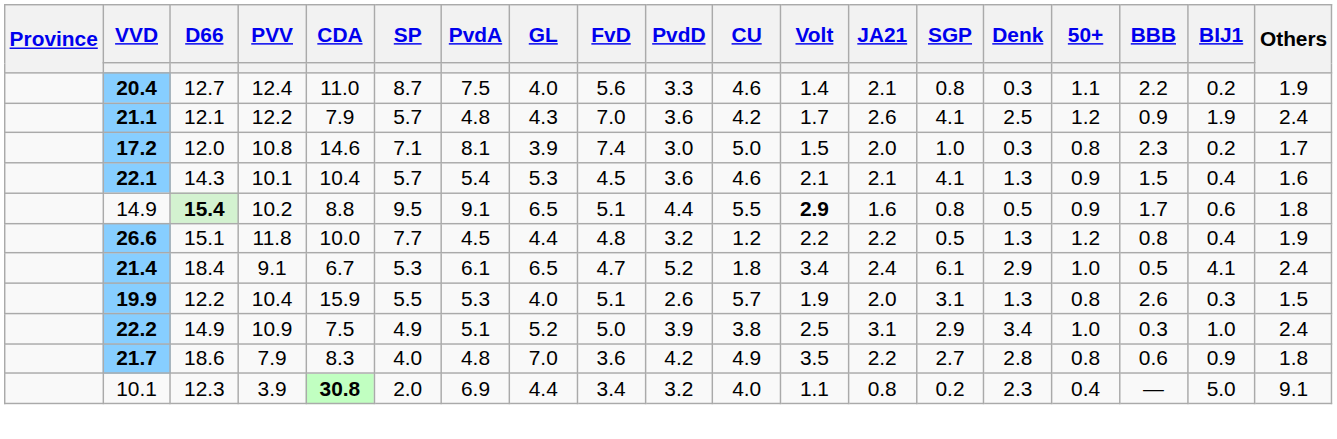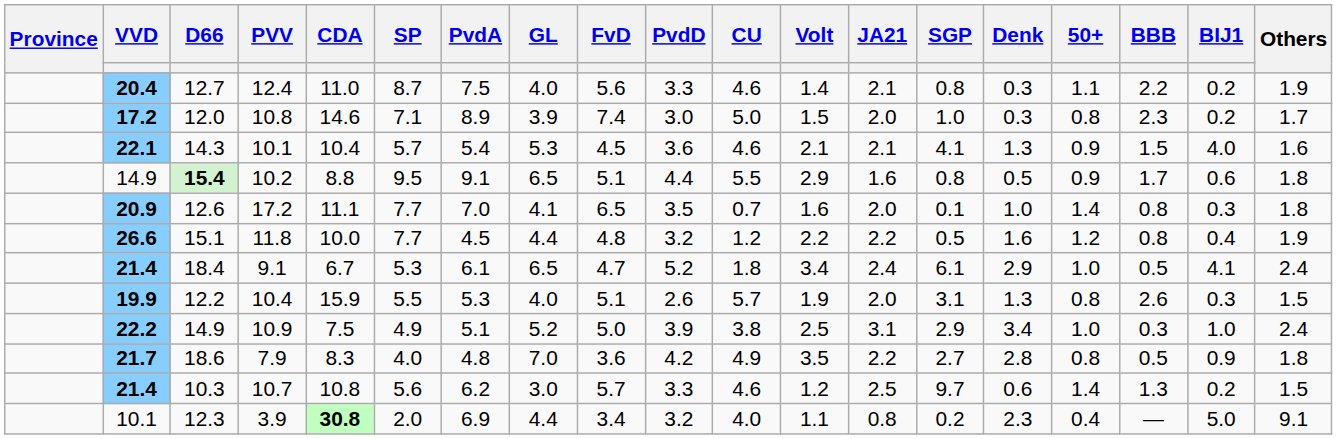 <table class="wikitable sortable" style="text-align:center;font-size:90%;line-height:14px">
 <tr style="height:40px;">
 <th rowspan="2"><a href='#'>Province</a></th>
 <th style="width:40px;"><a href='#'>VVD</a></th>
 <th style="width:40px;"><a href='#'>D66</a></th>
 <th style="width:40px;"><a href='#'>PVV</a></th>
 <th style="width:40px;"><a href='#'>CDA</a></th>
 <th style="width:40px;"><a href='#'>SP</a></th>
 <th style="width:40px;"><a href='#'>PvdA</a></th>
 <th style="width:40px;"><a href='#'>GL</a></th>
 <th style="width:40px;"><a href='#'>FvD</a></th>
 <th style="width:40px;"><a href='#'>PvdD</a></th>
 <th style="width:40px;"><a href='#'>CU</a></th>
 <th style="width:40px;"><a href='#'>Volt</a></th>
 <th style="width:40px;"><a href='#'>JA21</a></th>
 <th style="width:40px;"><a href='#'>SGP</a></th>
 <th style="width:40px;"><a href='#'>Denk</a></th>
 <th style="width:40px;"><a href='#'>50+</a></th>
 <th style="width:40px;"><a href='#'>BBB</a></th>
 <th style="width:40px;"><a href='#'>BIJ1</a></th>
 <th style="width:40px;" rowspan="2">Others</th>
 </tr>
 <tr>
 <th style="background:"></th>
 <th style="background:"></th>
 <th style="background:"></th>
 <th style="background:"></th>
 <th style="background:"></th>
 <th style="background:"></th>
 <th style="background:"></th>
 <th style="background:"></th>
 <th style="background:"></th>
 <th style="background:"></th>
 <th style="background:"></th>
 <th style="background:"></th>
 <th style="background:"></th>
 <th style="background:"></th>
 <th style="background:"></th>
 <th style="background:"></th>
 <th style="background:"></th>
 </tr>
 <tr>
 <td align="left"></td>
 <td style="background:#87CEFF;"><strong>20.4</strong></td>
 <td>12.7</td>
 <td>12.4</td>
 <td>11.0</td>
 <td>8.7</td>
 <td>7.5</td>
 <td>4.0</td>
 <td>5.6</td>
 <td>3.3</td>
 <td>4.6</td>
 <td>1.4</td>
 <td>2.1</td>
 <td>0.8</td>
 <td>0.3</td>
 <td>1.1</td>
 <td>2.2</td>
 <td>0.2</td>
 <td>1.9</td>
 </tr>
 <tr>
 <td align="left"></td>
-<td style="background:#87CEFF;"><strong>21.1</strong></td>
-<td>12.1</td>
-<td>12.2</td>
-<td>7.9</td>
-<td>5.7</td>
-<td>4.8</td>
-<td>4.3</td>
-<td>7.0</td>
-<td>3.6</td>
-<td>4.2</td>
-<td>1.7</td>
-<td>2.6</td>
-<td>4.1</td>
-<td>2.5</td>
-<td>1.2</td>
-<td>0.9</td>
-<td>1.9</td>
-<td>2.4</td>
-</tr>
-<tr>
-<td align="left"></td>
 <td style="background:#87CEFF;"><strong>17.2</strong></td>
 <td>12.0</td>
 <td>10.8</td>
 <td>14.6</td>
 <td>7.1</td>
-<td>8.1</td>
+<td>8.9</td>
 <td>3.9</td>
 <td>7.4</td>
 <td>3.0</td>
 <td>5.0</td>
 <td>1.5</td>
 <td>2.0</td>
 <td>1.0</td>
 <td>0.3</td>
 <td>0.8</td>
 <td>2.3</td>
 <td>0.2</td>
 <td>1.7</td>
 </tr>
 <tr>
 <td align="left"></td>
 <td style="background:#87CEFF;"><strong>22.1</strong></td>
 <td>14.3</td>
 <td>10.1</td>
 <td>10.4</td>
 <td>5.7</td>
 <td>5.4</td>
 <td>5.3</td>
 <td>4.5</td>
 <td>3.6</td>
 <td>4.6</td>
 <td>2.1</td>
 <td>2.1</td>
 <td>4.1</td>
 <td>1.3</td>
 <td>0.9</td>
 <td>1.5</td>
-<td>0.4</td>
+<td>4.0</td>
 <td>1.6</td>
 </tr>
 <tr>
 <td align="left"></td>
 <td>14.9</td>
 <td style="background:#D3F2D0"><strong>15.4</strong></td>
 <td>10.2</td>
 <td>8.8</td>
 <td>9.5</td>
 <td>9.1</td>
 <td>6.5</td>
 <td>5.1</td>
 <td>4.4</td>
 <td>5.5</td>
-<td><strong>2.9</strong></td>
+<td>2.9</td>
 <td>1.6</td>
 <td>0.8</td>
 <td>0.5</td>
 <td>0.9</td>
 <td>1.7</td>
 <td>0.6</td>
+<td>1.8</td>
+</tr>
+<tr>
+<td align="left"></td>
+<td style="background:#87CEFF;"><strong>20.9</strong></td>
+<td>12.6</td>
+<td>17.2</td>
+<td>11.1</td>
+<td>7.7</td>
+<td>7.0</td>
+<td>4.1</td>
+<td>6.5</td>
+<td>3.5</td>
+<td>0.7</td>
+<td>1.6</td>
+<td>2.0</td>
+<td>0.1</td>
+<td>1.0</td>
+<td>1.4</td>
+<td>0.8</td>
+<td>0.3</td>
 <td>1.8</td>
 </tr>
 <tr>
 <td align="left"></td>
 <td style="background:#87CEFF;"><strong>26.6</strong></td>
 <td>15.1</td>
 <td>11.8</td>
 <td>10.0</td>
 <td>7.7</td>
 <td>4.5</td>
 <td>4.4</td>
 <td>4.8</td>
 <td>3.2</td>
 <td>1.2</td>
 <td>2.2</td>
 <td>2.2</td>
 <td>0.5</td>
-<td>1.3</td>
+<td>1.6</td>
 <td>1.2</td>
 <td>0.8</td>
 <td>0.4</td>
 <td>1.9</td>
 </tr>
 <tr>
 <td align="left"></td>
 <td style="background:#87CEFF;"><strong>21.4</strong></td>
 <td>18.4</td>
 <td>9.1</td>
 <td>6.7</td>
 <td>5.3</td>
 <td>6.1</td>
 <td>6.5</td>
 <td>4.7</td>
 <td>5.2</td>
 <td>1.8</td>
 <td>3.4</td>
 <td>2.4</td>
 <td>6.1</td>
 <td>2.9</td>
 <td>1.0</td>
 <td>0.5</td>
 <td>4.1</td>
 <td>2.4</td>
 </tr>
 <tr>
 <td align="left"></td>
 <td style="background:#87CEFF;"><strong>19.9</strong></td>
 <td>12.2</td>
 <td>10.4</td>
 <td>15.9</td>
 <td>5.5</td>
 <td>5.3</td>
 <td>4.0</td>
 <td>5.1</td>
 <td>2.6</td>
 <td>5.7</td>
 <td>1.9</td>
 <td>2.0</td>
 <td>3.1</td>
 <td>1.3</td>
 <td>0.8</td>
 <td>2.6</td>
 <td>0.3</td>
 <td>1.5</td>
 </tr>
 <tr>
 <td align="left"></td>
 <td style="background:#87CEFF;"><strong>22.2</strong></td>
 <td>14.9</td>
 <td>10.9</td>
 <td>7.5</td>
 <td>4.9</td>
 <td>5.1</td>
 <td>5.2</td>
 <td>5.0</td>
 <td>3.9</td>
 <td>3.8</td>
 <td>2.5</td>
 <td>3.1</td>
 <td>2.9</td>
 <td>3.4</td>
 <td>1.0</td>
 <td>0.3</td>
 <td>1.0</td>
 <td>2.4</td>
 </tr>
 <tr>
 <td align="left"></td>
 <td style="background:#87CEFF;"><strong>21.7</strong></td>
 <td>18.6</td>
 <td>7.9</td>
 <td>8.3</td>
 <td>4.0</td>
 <td>4.8</td>
 <td>7.0</td>
 <td>3.6</td>
 <td>4.2</td>
 <td>4.9</td>
 <td>3.5</td>
 <td>2.2</td>
 <td>2.7</td>
 <td>2.8</td>
 <td>0.8</td>
-<td>0.6</td>
+<td>0.5</td>
 <td>0.9</td>
 <td>1.8</td>
+</tr>
+<tr>
+<td align="left"></td>
+<td style="background:#87CEFF;"><strong>21.4</strong></td>
+<td>10.3</td>
+<td>10.7</td>
+<td>10.8</td>
+<td>5.6</td>
+<td>6.2</td>
+<td>3.0</td>
+<td>5.7</td>
+<td>3.3</td>
+<td>4.6</td>
+<td>1.2</td>
+<td>2.5</td>
+<td>9.7</td>
+<td>0.6</td>
+<td>1.4</td>
+<td>1.3</td>
+<td>0.2</td>
+<td>1.5</td>
 </tr>
 <tr>
 <td align=left><em></em></td>
 <td>10.1</td>
 <td>12.3</td>
 <td>3.9</td>
 <td style="background:#c1ffc1;"><strong>30.8</strong></td>
 <td>2.0</td>
 <td>6.9</td>
 <td>4.4</td>
 <td>3.4</td>
 <td>3.2</td>
 <td>4.0</td>
 <td>1.1</td>
 <td>0.8</td>
 <td>0.2</td>
 <td>2.3</td>
 <td>0.4</td>
 <td>—</td>
 <td>5.0</td>
 <td>9.1</td>
 </tr>
 </table>
